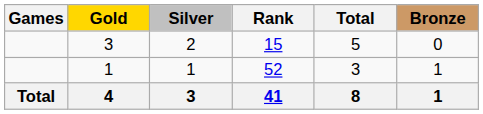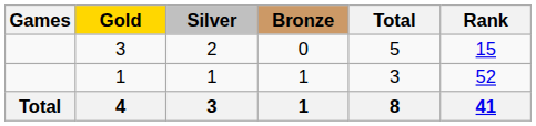 <table class="wikitable" style="text-align:center; font-size:90%;">
 <tr>
 <th>Games</th>
 <td style="background:gold; width:4.5em; font-weight:bold;">Gold</td>
 <td style="background:silver; width:4.5em; font-weight:bold;">Silver</td>
+<td style="background:#cc9966; width:4.5em; font-weight:bold;">Bronze</td>
+<th style="width:4.5em; font-weight:bold;">Total</th>
 <th style="width:4.5em; font-weight:bold;">Rank</th>
-<th style="width:4.5em; font-weight:bold;">Total</th>
-<td style="background:#cc9966; width:4.5em; font-weight:bold;">Bronze</td>
 </tr>
 <tr>
 <td align=left></td>
 <td>3</td>
 <td>2</td>
+<td>0</td>
+<td>5</td>
 <td><a href='#'>15</a></td>
-<td>5</td>
-<td>0</td>
 </tr>
 <tr>
 <td align=left></td>
 <td>1</td>
 <td>1</td>
+<td>1</td>
+<td>3</td>
 <td><a href='#'>52</a></td>
-<td>3</td>
-<td>1</td>
 </tr>
 <tr>
 <th>Total</th>
 <th>4</th>
 <th>3</th>
+<th>1</th>
+<th>8</th>
 <th><a href='#'>41</a></th>
-<th>8</th>
-<th>1</th>
 </tr>
 </table>
